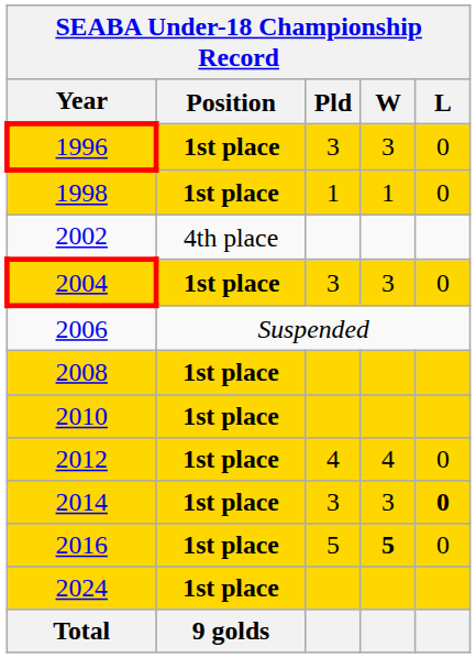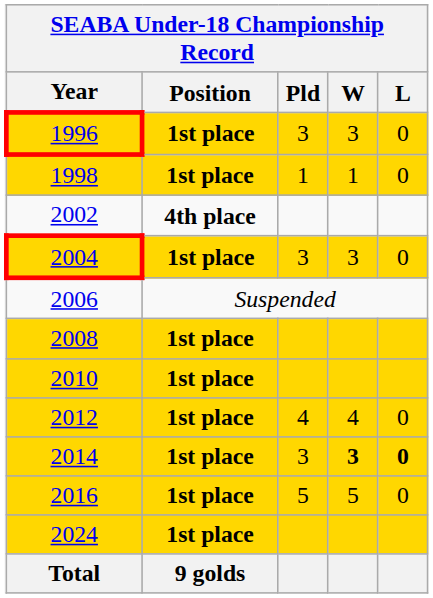 <table class="wikitable" style="text-align: center; font-size:95%;">
 <tr>
 <th colspan=9><a href='#'>SEABA Under-18 Championship Record</a></th>
 </tr>
 <tr>
 <th width=80px>Year</th>
 <th width=80px>Position</th>
 <th width=25px>Pld</th>
 <th width=25px>W</th>
 <th width=25px>L</th>
 </tr>
 <tr style="background:gold;">
 <td style="border: 3px solid red;"> <a href='#'>1996</a></td>
 <td><strong>1st place</strong></td>
 <td>3</td>
 <td>3</td>
 <td>0</td>
 </tr>
 <tr style="background:gold;">
 <td> <a href='#'>1998</a></td>
 <td><strong>1st place</strong></td>
 <td>1</td>
 <td>1</td>
 <td>0</td>
 </tr>
 <tr>
 <td> <a href='#'>2002</a></td>
-<td>4th place</td>
+<td><strong>4th place</strong></td>
 <td></td>
 <td></td>
 <td></td>
 </tr>
 <tr style="background:gold;">
 <td style="border: 3px solid red;"> <a href='#'>2004</a></td>
 <td><strong>1st place</strong></td>
 <td>3</td>
 <td>3</td>
 <td>0</td>
 </tr>
 <tr>
 <td> <a href='#'>2006</a></td>
 <td colspan=4><em>Suspended</em></td>
 </tr>
 <tr style="background:gold;">
 <td> <a href='#'>2008</a></td>
 <td><strong>1st place</strong></td>
 <td></td>
 <td></td>
 <td></td>
 </tr>
 <tr style="background:gold;">
 <td> <a href='#'>2010</a></td>
 <td><strong>1st place</strong></td>
 <td></td>
 <td></td>
 <td></td>
 </tr>
 <tr style="background:gold;">
 <td> <a href='#'>2012</a></td>
 <td><strong>1st place</strong></td>
 <td>4</td>
 <td>4</td>
 <td>0</td>
 </tr>
 <tr style="background:gold;">
 <td> <a href='#'>2014</a></td>
 <td><strong>1st place</strong></td>
 <td>3</td>
-<td>3</td>
+<td><strong>3</strong></td>
 <td><strong>0</strong></td>
 </tr>
 <tr style="background:gold;">
 <td> <a href='#'>2016</a></td>
 <td><strong>1st place</strong></td>
 <td>5</td>
-<td><strong>5</strong></td>
+<td>5</td>
 <td>0</td>
 </tr>
 <tr style="background:gold;">
 <td> <a href='#'>2024</a></td>
 <td><strong>1st place</strong></td>
 <td></td>
 <td></td>
 <td></td>
 </tr>
 <tr>
 <th>Total</th>
 <th>9 golds</th>
 <th></th>
 <th></th>
 <th></th>
 </tr>
 </table>
